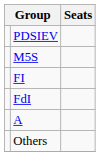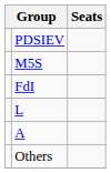 <table class="wikitable" style="font-size:95%">
 <tr>
 <th colspan="2">Group</th>
 <th>Seats</th>
 </tr>
 <tr>
 <td style="background-color:"></td>
 <td align="left"><a href='#'>PD</a><a href='#'>SI</a><a href='#'>EV</a></td>
 <td align="left"></td>
 </tr>
 <tr>
 <td style="background-color:"></td>
 <td align="left"><a href='#'>M5S</a></td>
 <td align="left"></td>
 </tr>
 <tr>
 <td style="background-color:"></td>
-<td align="left"><a href='#'>FI</a></td>
+<td align="left"><a href='#'>FdI</a></td>
 <td align="left"></td>
 </tr>
 <tr>
 <td style="background-color:"></td>
-<td align="left"><a href='#'>FdI</a></td>
+<td align="left"><a href='#'>L</a></td>
 <td align="left"></td>
 </tr>
 <tr>
 <td style="background-color:"></td>
 <td align="left"><a href='#'>A</a></td>
 <td align="left"></td>
 </tr>
 <tr>
 <td style="background-color:"></td>
 <td align="left">Others</td>
 <td align="left"></td>
 </tr>
 <tr>
 </tr>
 </table>
